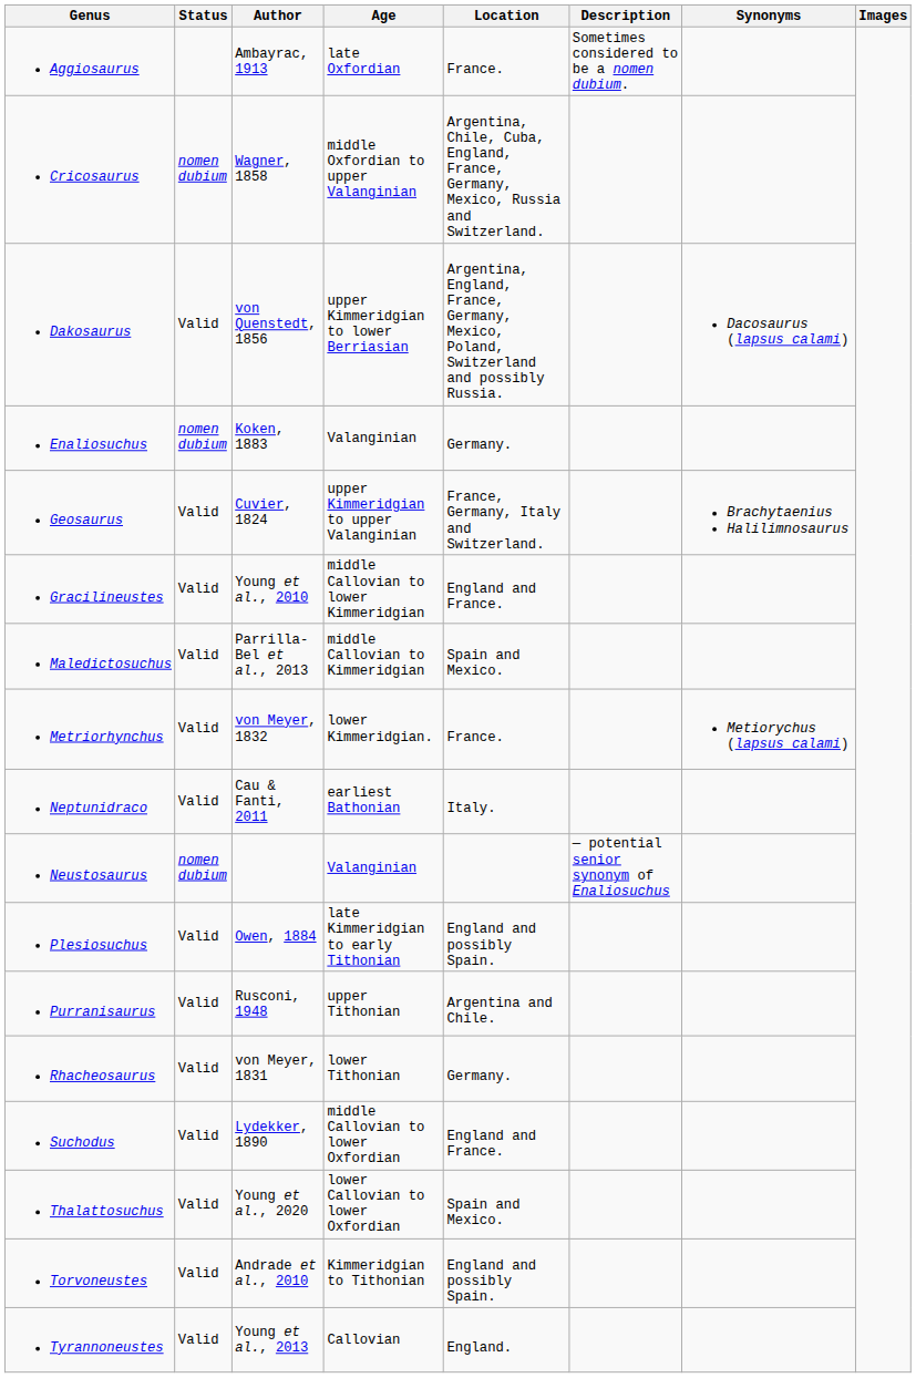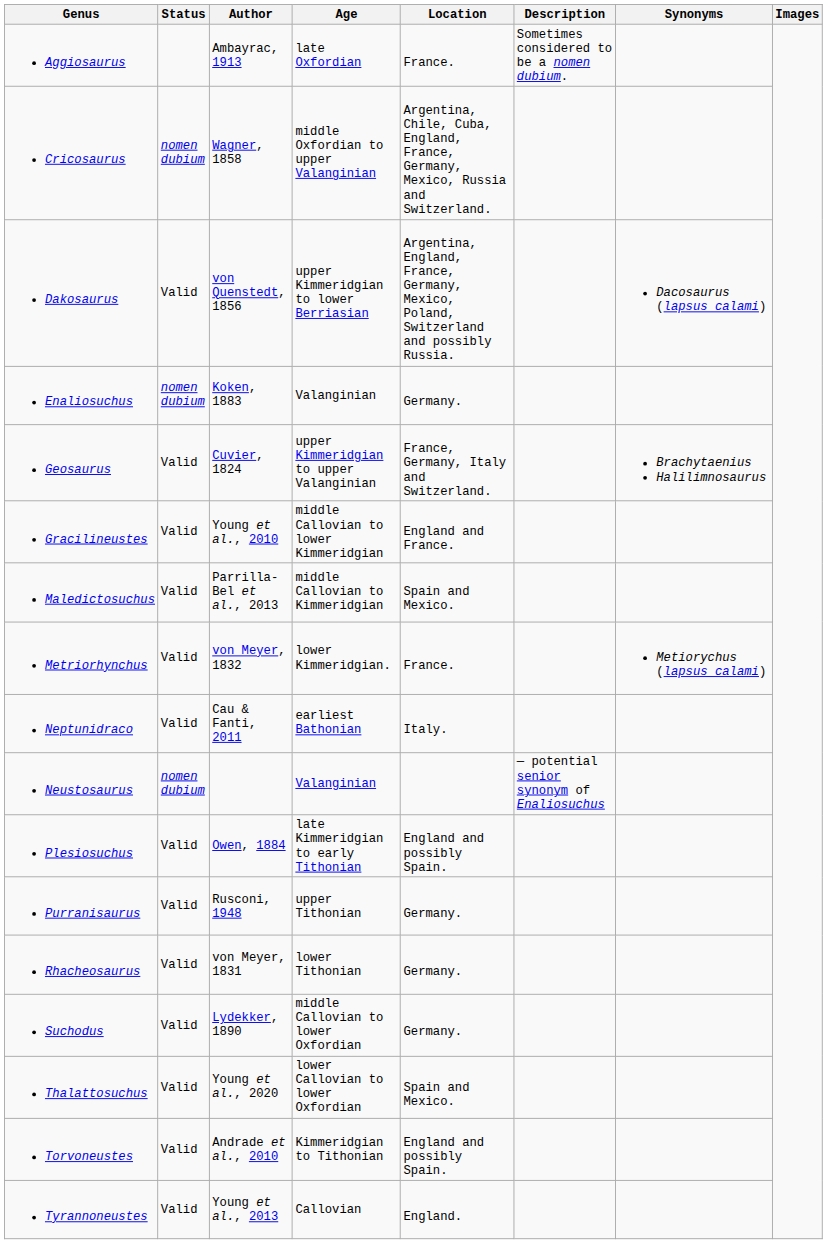 <table class="wikitable" align="center">
 <tr>
 <th>Genus</th>
 <th>Status</th>
 <th>Author</th>
 <th>Age</th>
 <th>Location</th>
 <th>Description</th>
 <th>Synonyms</th>
 <th>Images</th>
 </tr>
 <tr>
 <td><br><ul><li><em><a href='#'>Aggiosaurus</a></em></li></ul></td>
 <td></td>
 <td>Ambayrac, <a href='#'>1913</a></td>
 <td>late <a href='#'>Oxfordian</a></td>
 <td><br>France.</td>
 <td>Sometimes considered to be a <em><a href='#'>nomen dubium</a></em>.</td>
 <td></td>
 <td rowspan="47"><br>     </td>
 </tr>
 <tr>
 <td><br><ul><li><em><a href='#'>Cricosaurus</a></em></li></ul></td>
 <td><em><a href='#'>nomen dubium</a></em></td>
 <td><a href='#'>Wagner</a>, 1858</td>
 <td>middle Oxfordian to upper <a href='#'>Valanginian</a></td>
 <td><br>Argentina, Chile, Cuba, England, France, Germany, Mexico, Russia and Switzerland.</td>
 <td></td>
 <td></td>
 </tr>
 <tr>
 <td><br><ul><li><em><a href='#'>Dakosaurus</a></em></li></ul></td>
 <td>Valid</td>
 <td><a href='#'>von Quenstedt</a>, 1856</td>
 <td>upper Kimmeridgian to lower <a href='#'>Berriasian</a></td>
 <td><br>Argentina, England, France, Germany, Mexico, Poland, Switzerland and possibly Russia.</td>
 <td></td>
 <td><br><ul><li><em>Dacosaurus</em> (<em><a href='#'>lapsus calami</a></em>)</li></ul></td>
 </tr>
 <tr>
 <td><br><ul><li><em><a href='#'>Enaliosuchus</a></em></li></ul></td>
 <td><em><a href='#'>nomen dubium</a></em></td>
 <td><a href='#'>Koken</a>, 1883</td>
 <td>Valanginian</td>
 <td><br>Germany.</td>
 <td></td>
 </tr>
 <tr>
 <td><br><ul><li><em><a href='#'>Geosaurus</a></em></li></ul></td>
 <td>Valid</td>
 <td><a href='#'>Cuvier</a>, 1824</td>
 <td>upper <a href='#'>Kimmeridgian</a> to upper Valanginian</td>
 <td><br>France, Germany, Italy and Switzerland.</td>
 <td></td>
 <td><br><ul><li><em>Brachytaenius</em></li><li><em>Halilimnosaurus</em></li></ul></td>
 </tr>
 <tr>
 <td><br><ul><li><em><a href='#'>Gracilineustes</a></em></li></ul></td>
 <td>Valid</td>
 <td>Young <em>et al.</em>, <a href='#'>2010</a></td>
 <td>middle Callovian to lower Kimmeridgian</td>
 <td><br>England and France.</td>
 <td></td>
 <td></td>
 </tr>
 <tr>
 <td><br><ul><li><em><a href='#'>Maledictosuchus</a></em></li></ul></td>
 <td>Valid</td>
 <td>Parrilla-Bel <em>et al.</em>, 2013</td>
 <td>middle Callovian to Kimmeridgian</td>
 <td><br>Spain and Mexico.</td>
 <td></td>
 <td></td>
 </tr>
 <tr>
 <td><br><ul><li><em><a href='#'>Metriorhynchus</a></em></li></ul></td>
 <td>Valid</td>
 <td><a href='#'>von Meyer</a>, 1832</td>
 <td>lower Kimmeridgian.</td>
 <td><br>France.</td>
 <td></td>
 <td><br><ul><li><em>Metiorychus</em> (<em><a href='#'>lapsus calami</a></em>)</li></ul></td>
 </tr>
 <tr>
 <td><br><ul><li><em><a href='#'>Neptunidraco</a></em></li></ul></td>
 <td>Valid</td>
 <td>Cau & Fanti, <a href='#'>2011</a></td>
 <td>earliest <a href='#'>Bathonian</a></td>
 <td><br>Italy.</td>
 <td></td>
 <td></td>
 </tr>
 <tr>
 <td><br><ul><li><em><a href='#'>Neustosaurus</a></em></li></ul></td>
 <td><em><a href='#'>nomen dubium</a></em></td>
 <td></td>
 <td><a href='#'>Valanginian</a></td>
 <td></td>
 <td>— potential <a href='#'>senior synonym</a> of <em><a href='#'>Enaliosuchus</a></em></td>
 <td></td>
 </tr>
 <tr>
 <td><br><ul><li><em><a href='#'>Plesiosuchus</a></em></li></ul></td>
 <td>Valid</td>
 <td><a href='#'>Owen</a>, <a href='#'>1884</a></td>
 <td>late Kimmeridgian to early <a href='#'>Tithonian</a></td>
 <td><br>England and possibly Spain.</td>
 <td></td>
 <td></td>
 </tr>
 <tr>
 <td><br><ul><li><em><a href='#'>Purranisaurus</a></em></li></ul></td>
 <td>Valid</td>
 <td>Rusconi, <a href='#'>1948</a></td>
 <td>upper Tithonian</td>
-<td><br>Argentina and Chile.</td>
+<td><br>Germany.</td>
 <td></td>
 <td></td>
 </tr>
 <tr>
 <td><br><ul><li><em><a href='#'>Rhacheosaurus</a></em></li></ul></td>
 <td>Valid</td>
 <td>von Meyer, 1831</td>
 <td>lower Tithonian</td>
 <td><br>Germany.</td>
 <td></td>
 <td></td>
 </tr>
 <tr>
 <td><br><ul><li><em><a href='#'>Suchodus</a></em></li></ul></td>
 <td>Valid</td>
 <td><a href='#'>Lydekker</a>, 1890</td>
 <td>middle Callovian to lower Oxfordian</td>
-<td><br>England and France.</td>
+<td><br>Germany.</td>
 <td></td>
 <td></td>
 </tr>
 <tr>
 <td><br><ul><li><em><a href='#'>Thalattosuchus</a></em></li></ul></td>
 <td>Valid</td>
 <td>Young <em>et al.</em>, 2020</td>
 <td>lower Callovian to lower Oxfordian</td>
 <td><br>Spain and Mexico.</td>
 <td></td>
 <td></td>
 </tr>
 <tr>
 <td><br><ul><li><em><a href='#'>Torvoneustes</a></em></li></ul></td>
 <td>Valid</td>
 <td>Andrade <em>et al.</em>, <a href='#'>2010</a></td>
 <td>Kimmeridgian to Tithonian</td>
 <td><br>England and possibly Spain.</td>
 <td></td>
 <td></td>
 </tr>
 <tr>
 <td><br><ul><li><em><a href='#'>Tyrannoneustes</a></em></li></ul></td>
 <td>Valid</td>
 <td>Young <em>et al.</em>, <a href='#'>2013</a></td>
 <td>Callovian</td>
 <td><br>England.</td>
 <td></td>
 <td></td>
 </tr>
 </table>
